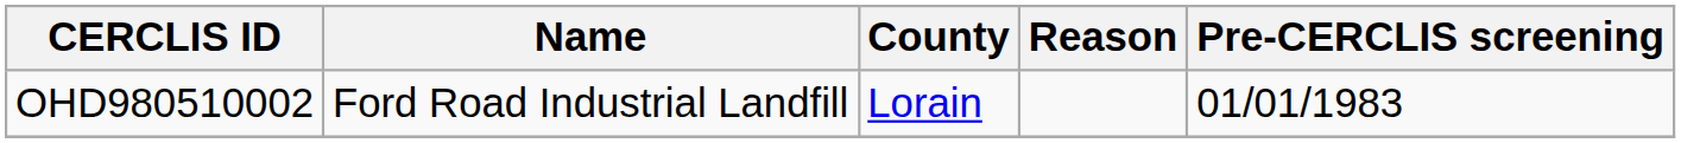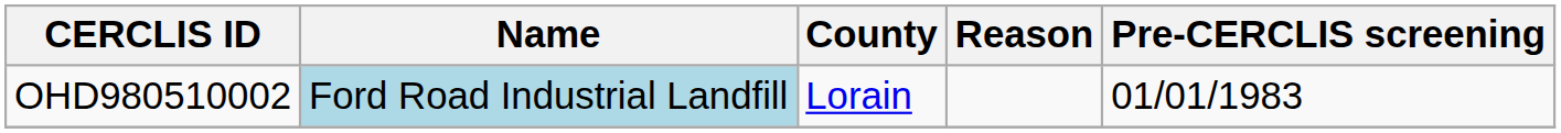 <table class="wikitable sortable" border="1">
 <tr>
 <th>CERCLIS ID</th>
 <th>Name</th>
 <th>County</th>
 <th>Reason</th>
 <th>Pre-CERCLIS screening</th>
 </tr>
 <tr>
 <td>OHD980510002</td>
-<td>Ford Road Industrial Landfill</td>
+<td style="background: lightblue;">Ford Road Industrial Landfill</td>
 <td><a href='#'>Lorain</a></td>
 <td></td>
 <td>01/01/1983</td>
 </tr>
 <tr>
 </tr>
 </table>
